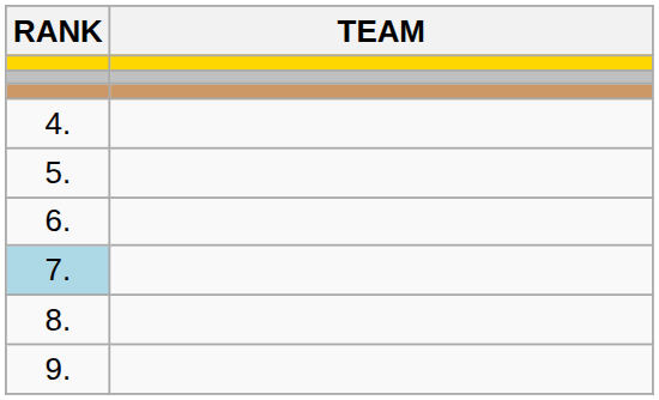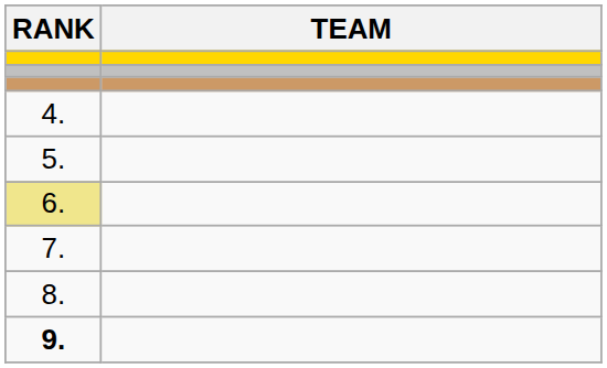 <table class="wikitable" style="border-collapse: collapse; font-size: 90%;">
 <tr>
 <th>RANK</th>
 <th align="left" style="width: 17em">TEAM</th>
 </tr>
 <tr bgcolor=gold>
 <td align="center"></td>
 <td></td>
 </tr>
 <tr bgcolor=silver>
 <td align="center"></td>
 <td></td>
 </tr>
 <tr bgcolor=cc9966>
 <td align="center"></td>
 <td></td>
 </tr>
 <tr>
 <td align="center">4.</td>
 <td></td>
 </tr>
 <tr>
 <td align="center">5.</td>
 <td></td>
 </tr>
 <tr>
-<td align="center">6.</td>
+<td align="center" style="background: khaki;">6.</td>
 <td></td>
 </tr>
 <tr>
-<td align="center" style="background: lightblue;">7.</td>
+<td align="center">7.</td>
 <td></td>
 </tr>
 <tr>
 <td align="center">8.</td>
 <td></td>
 </tr>
 <tr>
-<td align="center">9.</td>
+<td align="center"><strong>9.</strong></td>
 <td></td>
 </tr>
 </table>
